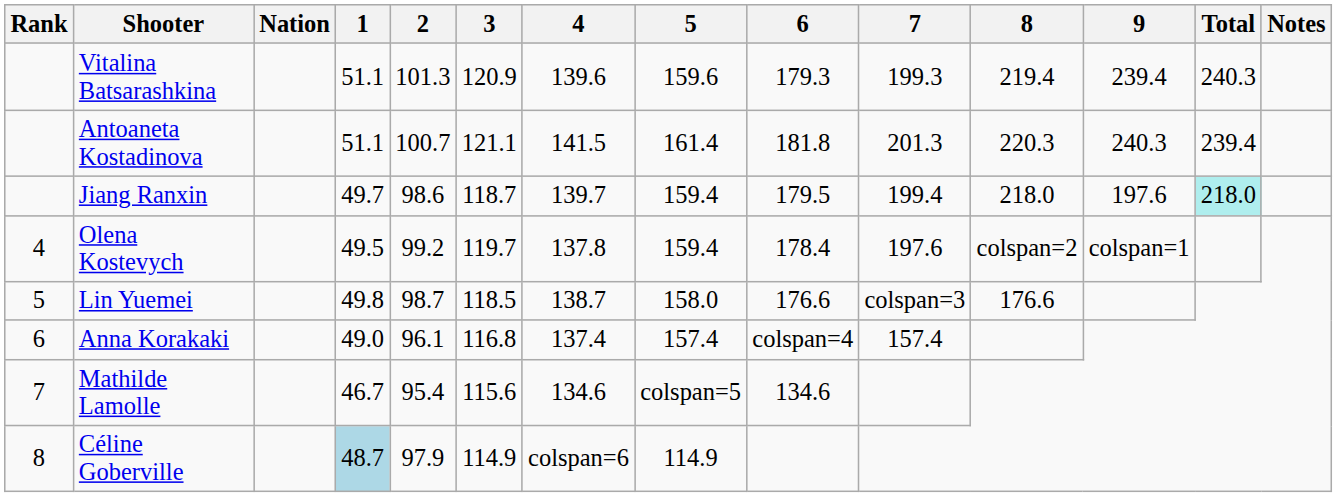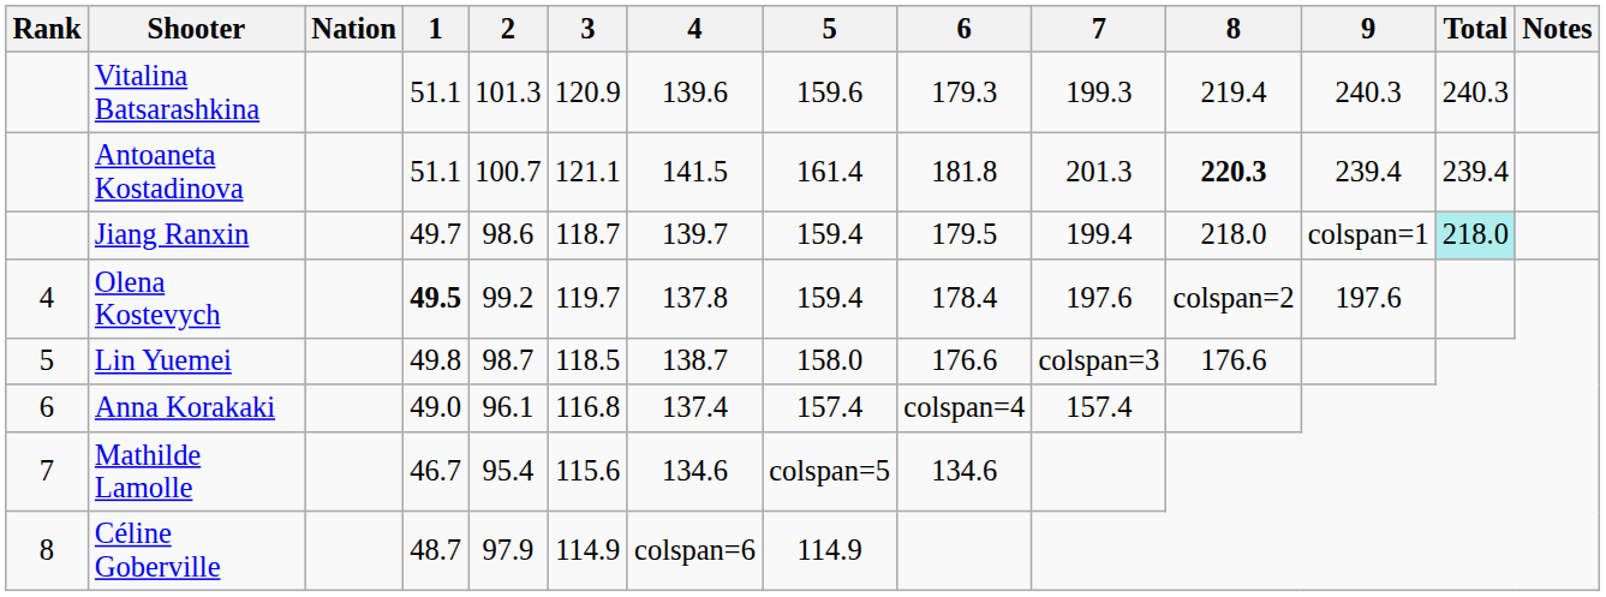 <table class="wikitable sortable" style="text-align:center">
 <tr>
 <th>Rank</th>
 <th>Shooter</th>
 <th>Nation</th>
 <th>1</th>
 <th>2</th>
 <th>3</th>
 <th>4</th>
 <th>5</th>
 <th>6</th>
 <th>7</th>
 <th>8</th>
 <th>9</th>
 <th>Total</th>
 <th>Notes</th>
 </tr>
 <tr>
 <td></td>
 <td align=left><a href='#'>Vitalina Batsarashkina</a></td>
 <td align=left></td>
 <td>51.1</td>
 <td>101.3</td>
 <td>120.9</td>
 <td>139.6</td>
 <td>159.6</td>
 <td>179.3</td>
 <td>199.3</td>
 <td>219.4</td>
-<td>239.4</td>
+<td>240.3</td>
 <td>240.3</td>
 <td></td>
 </tr>
 <tr>
 <td></td>
 <td align=left><a href='#'>Antoaneta Kostadinova</a></td>
 <td align=left></td>
 <td>51.1</td>
 <td>100.7</td>
 <td>121.1</td>
 <td>141.5</td>
 <td>161.4</td>
 <td>181.8</td>
 <td>201.3</td>
-<td>220.3</td>
-<td>240.3</td>
+<td><strong>220.3</strong></td>
+<td>239.4</td>
 <td>239.4</td>
 <td></td>
 </tr>
 <tr>
 <td></td>
 <td align=left><a href='#'>Jiang Ranxin</a></td>
 <td align=left></td>
 <td>49.7</td>
 <td>98.6</td>
 <td>118.7</td>
 <td>139.7</td>
 <td>159.4</td>
 <td>179.5</td>
 <td>199.4</td>
 <td>218.0</td>
-<td>197.6</td>
+<td>colspan=1 </td>
 <td style="background: paleturquoise;">218.0</td>
 <td></td>
 </tr>
 <tr>
 <td>4</td>
 <td align=left><a href='#'>Olena Kostevych</a></td>
 <td align=left></td>
-<td>49.5</td>
+<td><strong>49.5</strong></td>
 <td>99.2</td>
 <td>119.7</td>
 <td>137.8</td>
 <td>159.4</td>
 <td>178.4</td>
 <td>197.6</td>
 <td>colspan=2 </td>
-<td>colspan=1 </td>
+<td>197.6</td>
 <td></td>
 </tr>
 <tr>
 <td>5</td>
 <td align=left><a href='#'>Lin Yuemei</a></td>
 <td align=left></td>
 <td>49.8</td>
 <td>98.7</td>
 <td>118.5</td>
 <td>138.7</td>
 <td>158.0</td>
 <td>176.6</td>
 <td>colspan=3 </td>
 <td>176.6</td>
 <td></td>
 </tr>
 <tr>
 <td>6</td>
 <td align=left><a href='#'>Anna Korakaki</a></td>
 <td align=left></td>
 <td>49.0</td>
 <td>96.1</td>
 <td>116.8</td>
 <td>137.4</td>
 <td>157.4</td>
 <td>colspan=4 </td>
 <td>157.4</td>
 <td></td>
 </tr>
 <tr>
 <td>7</td>
 <td align=left><a href='#'>Mathilde Lamolle</a></td>
 <td align=left></td>
 <td>46.7</td>
 <td>95.4</td>
 <td>115.6</td>
 <td>134.6</td>
 <td>colspan=5 </td>
 <td>134.6</td>
 <td></td>
 </tr>
 <tr>
 <td>8</td>
 <td align=left><a href='#'>Céline Goberville</a></td>
 <td align=left></td>
-<td style="background: lightblue;">48.7</td>
+<td>48.7</td>
 <td>97.9</td>
 <td>114.9</td>
 <td>colspan=6 </td>
 <td>114.9</td>
 <td></td>
 </tr>
 </table>
